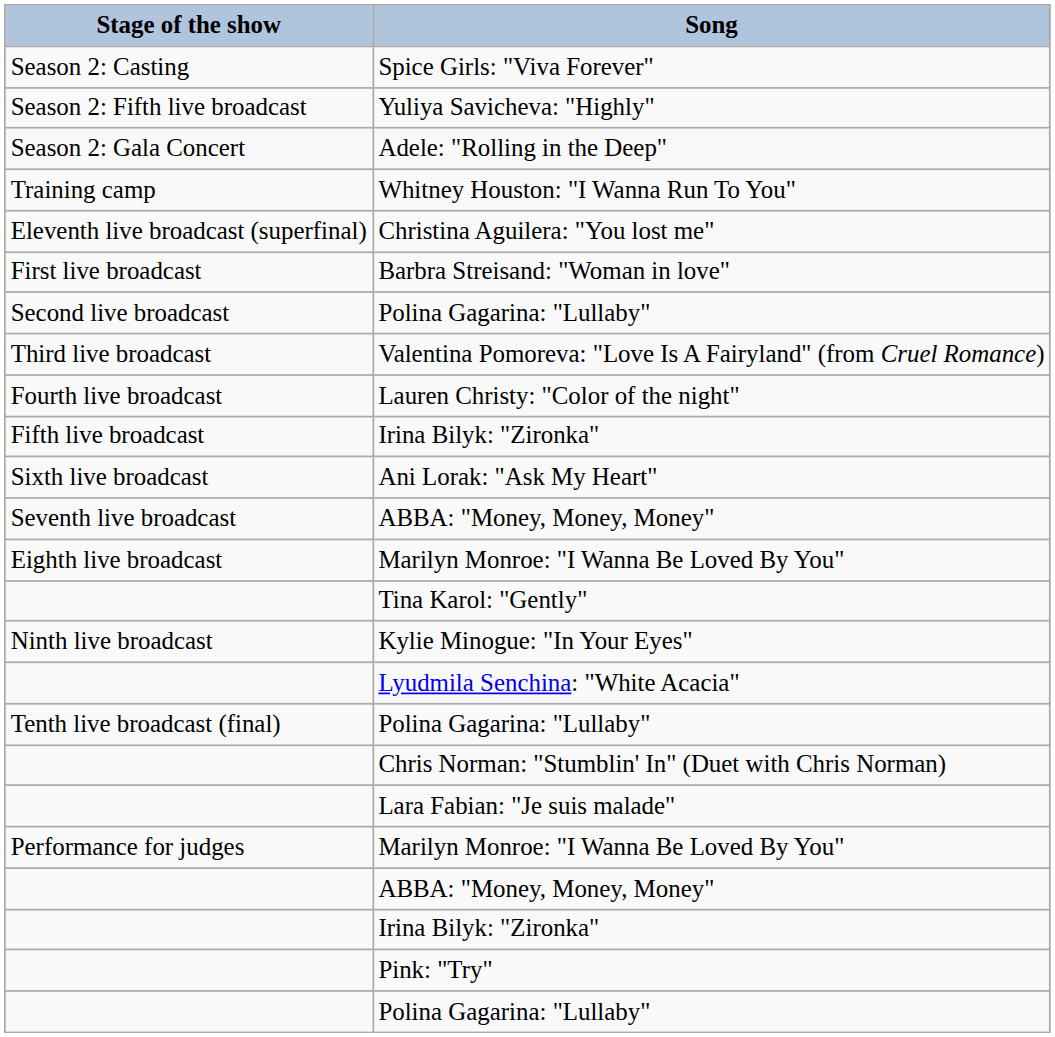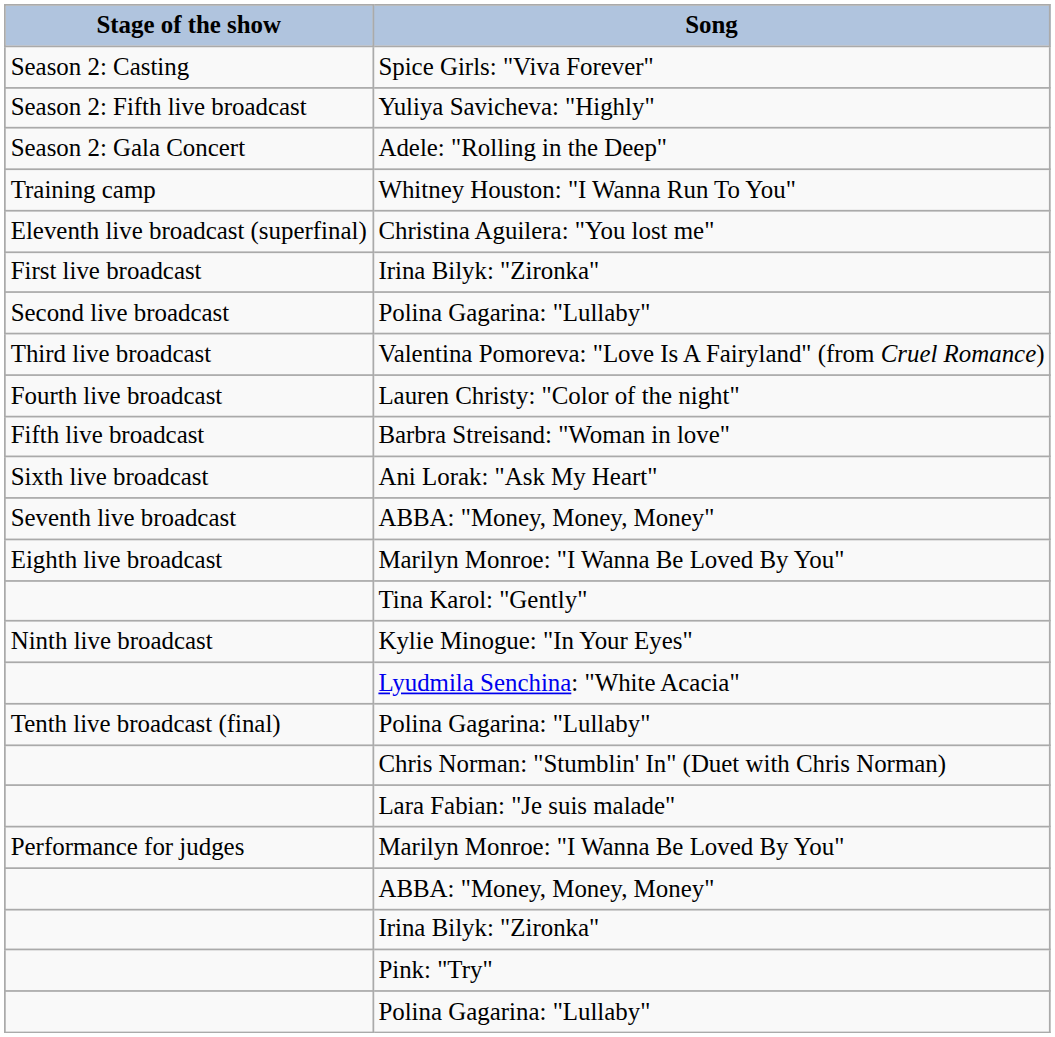 <table class="wikitable" style="font-size:90%;">
 <tr>
 <th style="background:#B0C4DE;">Stage of the show</th>
 <th style="background:#B0C4DE;">Song</th>
 </tr>
 <tr ---->
 <td>Season 2: Casting</td>
 <td>Spice Girls: "Viva Forever"</td>
 </tr>
 <tr ---->
 <td>Season 2: Fifth live broadcast</td>
 <td>Yuliya Savicheva: "Highly"</td>
 </tr>
 <tr ---->
 <td>Season 2: Gala Concert</td>
 <td>Adele: "Rolling in the Deep"</td>
 </tr>
 <tr ---->
 <td>Training camp</td>
 <td>Whitney Houston: "I Wanna Run To You"</td>
 </tr>
 <tr ---->
 <td>Eleventh live broadcast (superfinal)</td>
 <td>Christina Aguilera: "You lost me"</td>
 </tr>
 <tr ---->
 <td>First live broadcast</td>
-<td>Barbra Streisand: "Woman in love"</td>
+<td>Irina Bilyk: "Zironka"</td>
 </tr>
 <tr ---->
 <td>Second live broadcast</td>
 <td>Polina Gagarina: "Lullaby"</td>
 </tr>
 <tr ---->
 <td>Third live broadcast</td>
 <td>Valentina Pomoreva: "Love Is A Fairyland" (from <em>Cruel Romance</em>)</td>
 </tr>
 <tr ---->
 <td>Fourth live broadcast</td>
 <td>Lauren Christy: "Color of the night"</td>
 </tr>
 <tr ---->
 <td>Fifth live broadcast</td>
-<td>Irina Bilyk: "Zironka"</td>
+<td>Barbra Streisand: "Woman in love"</td>
 </tr>
 <tr ---->
 <td>Sixth live broadcast</td>
 <td>Ani Lorak: "Ask My Heart"</td>
 </tr>
 <tr ---->
 <td>Seventh live broadcast</td>
 <td>ABBA: "Money, Money, Money"</td>
 </tr>
 <tr ---->
 <td>Eighth live broadcast</td>
 <td>Marilyn Monroe: "I Wanna Be Loved By You"</td>
 </tr>
 <tr ---->
 <td></td>
 <td>Tina Karol: "Gently"</td>
 </tr>
 <tr ---->
 <td>Ninth live broadcast</td>
 <td>Kylie Minogue: "In Your Eyes"</td>
 </tr>
 <tr ---->
 <td></td>
 <td><a href='#'>Lyudmila Senchina</a>: "White Acacia"</td>
 </tr>
 <tr ---->
 <td>Tenth live broadcast (final)</td>
 <td>Polina Gagarina: "Lullaby"</td>
 </tr>
 <tr ---->
 <td></td>
 <td>Chris Norman: "Stumblin' In" (Duet with Chris Norman)</td>
 </tr>
 <tr ---->
 <td></td>
 <td>Lara Fabian: "Je suis malade"</td>
 </tr>
 <tr ---->
 <td>Performance for judges</td>
 <td>Marilyn Monroe: "I Wanna Be Loved By You"</td>
 </tr>
 <tr ---->
 <td></td>
 <td>ABBA: "Money, Money, Money"</td>
 </tr>
 <tr ---->
 <td></td>
 <td>Irina Bilyk: "Zironka"</td>
 </tr>
 <tr ---->
 <td></td>
 <td>Pink: "Try"</td>
 </tr>
 <tr ---->
 <td></td>
 <td>Polina Gagarina: "Lullaby"</td>
 </tr>
 </table>
